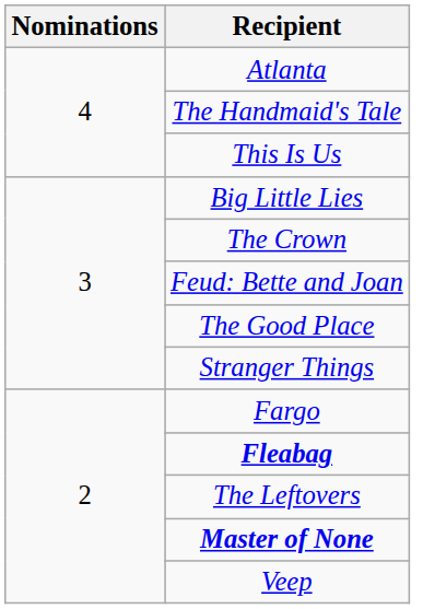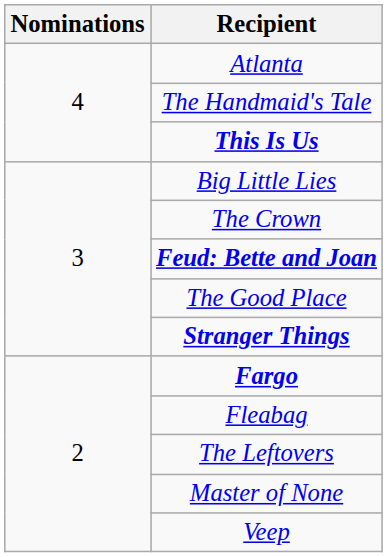 <table class="wikitable" rowspan="2" style="text-align:center;" background: #f6e39c;>
 <tr>
 <th scope="col" style="width:55px;">Nominations</th>
 <th scope="col" style="text-align:center;">Recipient</th>
 </tr>
 <tr>
 <td rowspan="3" style="text-align:center">4</td>
 <td><em><a href='#'>Atlanta</a></em></td>
 </tr>
 <tr>
 <td><em><a href='#'>The Handmaid's Tale</a></em></td>
 </tr>
 <tr>
-<td><em><a href='#'>This Is Us</a></em></td>
+<td><strong><em><a href='#'>This Is Us</a></em></strong></td>
 </tr>
 <tr>
 <td rowspan="5" style="text-align:center">3</td>
 <td><em><a href='#'>Big Little Lies</a></em></td>
 </tr>
 <tr>
 <td><em><a href='#'>The Crown</a></em></td>
 </tr>
 <tr>
-<td><em><a href='#'>Feud: Bette and Joan</a></em></td>
+<td><strong><em><a href='#'>Feud: Bette and Joan</a></em></strong></td>
 </tr>
 <tr>
 <td><em><a href='#'>The Good Place</a></em></td>
 </tr>
 <tr>
-<td><em><a href='#'>Stranger Things</a></em></td>
+<td><strong><em><a href='#'>Stranger Things</a></em></strong></td>
 </tr>
 <tr>
 <td rowspan="5" style="text-align:center">2</td>
-<td><em><a href='#'>Fargo</a></em></td>
+<td><strong><em><a href='#'>Fargo</a></em></strong></td>
 </tr>
 <tr>
-<td><strong><em><a href='#'>Fleabag</a></em></strong></td>
+<td><em><a href='#'>Fleabag</a></em></td>
 </tr>
 <tr>
 <td><em><a href='#'>The Leftovers</a></em></td>
 </tr>
 <tr>
-<td><strong><em><a href='#'>Master of None</a></em></strong></td>
+<td><em><a href='#'>Master of None</a></em></td>
 </tr>
 <tr>
 <td><em><a href='#'>Veep</a></em></td>
 </tr>
 </table>
